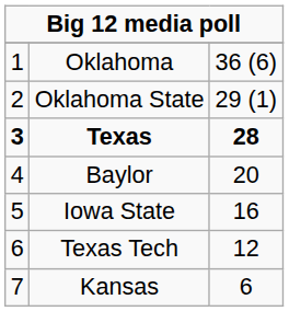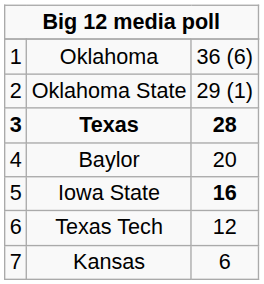 <table class="wikitable" style="display: inline-table;">
 <tr>
 <td align="center" Colspan="3"><strong>Big 12 media poll</strong></td>
 </tr>
 <tr align="center">
 </tr>
 <tr align="center">
 <td>1</td>
 <td>Oklahoma</td>
 <td>36 (6)</td>
 </tr>
 <tr align="center">
 <td>2</td>
 <td>Oklahoma State</td>
 <td>29 (1)</td>
 </tr>
 <tr align="center">
 <td><strong>3</strong></td>
 <td><strong>Texas</strong></td>
 <td><strong>28</strong></td>
 </tr>
 <tr align="center">
 <td>4</td>
 <td>Baylor</td>
 <td>20</td>
 </tr>
 <tr align="center">
 <td>5</td>
 <td>Iowa State</td>
-<td>16</td>
+<td><strong>16</strong></td>
 </tr>
 <tr align="center">
 <td>6</td>
 <td>Texas Tech</td>
 <td>12</td>
 </tr>
 <tr align="center">
 <td>7</td>
 <td>Kansas</td>
 <td>6</td>
 </tr>
 </table>
